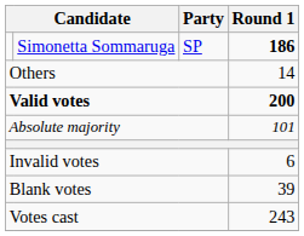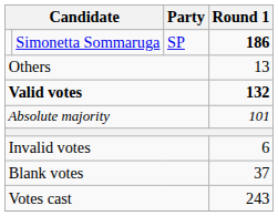 <table class="wikitable" style="text-align:right;">
 <tr>
 <th colspan=2>Candidate</th>
 <th>Party</th>
 <th>Round 1</th>
 </tr>
 <tr>
 <td style="background-color:"></td>
 <td style="text-align:left;"><a href='#'>Simonetta Sommaruga</a></td>
 <td style="text-align:left;"><a href='#'>SP</a></td>
 <td><strong>186</strong></td>
 </tr>
 <tr>
 <td colspan=3 style="text-align:left;">Others</td>
-<td>14</td>
+<td>13</td>
 </tr>
 <tr style="font-weight:bold;">
 <td colspan=3 style="text-align:left;">Valid votes</td>
-<td>200</td>
+<td>132</td>
 </tr>
 <tr style="font-style:italic; font-size:90%;">
 <td colspan=3 style="text-align:left;">Absolute majority</td>
 <td>101</td>
 </tr>
 <tr>
 <th colspan=10></th>
 </tr>
 <tr>
 <td colspan=3 style="text-align:left;">Invalid votes</td>
 <td>6</td>
 </tr>
 <tr>
 <td colspan=3 style="text-align:left;">Blank votes</td>
-<td>39</td>
+<td>37</td>
 </tr>
 <tr>
 <td colspan=3 style="text-align:left;">Votes cast</td>
 <td>243</td>
 </tr>
 <tr>
 </tr>
 </table>
